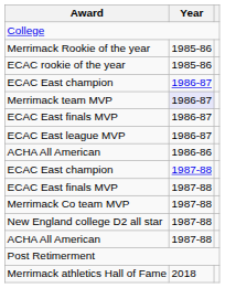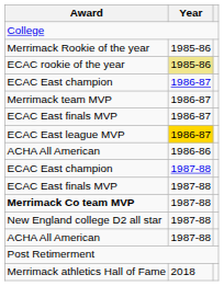 <table class="wikitable">
 <tr>
 <th>Award</th>
 <th>Year</th>
 <th></th>
 </tr>
 <tr>
 <td colspan="3"><a href='#'>College</a></td>
 </tr>
 <tr>
 <td>Merrimack Rookie of the year</td>
 <td>1985-86</td>
 <td></td>
 </tr>
 <tr>
 <td>ECAC rookie of the year</td>
-<td>1985-86</td>
+<td style="background: khaki;">1985-86</td>
 <td></td>
 </tr>
 <tr>
 <td>ECAC East champion</td>
 <td><a href='#'>1986-87</a></td>
 <td></td>
 </tr>
 <tr>
 <td>Merrimack team MVP</td>
-<td style="background: lavender;">1986-87</td>
+<td>1986-87</td>
 <td></td>
 </tr>
 <tr>
 <td>ECAC East finals MVP</td>
 <td>1986-87</td>
 <td></td>
 </tr>
 <tr>
 <td>ECAC East league MVP</td>
-<td>1986-87</td>
+<td style="background: gold;">1986-87</td>
 <td></td>
 </tr>
 <tr>
 <td>ACHA All American</td>
 <td>1986-86</td>
 <td></td>
 </tr>
 <tr>
 <td>ECAC East champion</td>
 <td><a href='#'>1987-88</a></td>
 <td></td>
 </tr>
 <tr>
 <td>ECAC East finals MVP</td>
 <td>1987-88</td>
 <td></td>
 </tr>
 <tr>
-<td>Merrimack Co team MVP</td>
+<td><strong>Merrimack Co team MVP</strong></td>
 <td>1987-88</td>
 <td></td>
 </tr>
 <tr>
 <td>New England college D2 all star</td>
 <td>1987-88</td>
 <td></td>
 </tr>
 <tr>
 <td>ACHA All American</td>
 <td>1987-88</td>
 <td></td>
 </tr>
 <tr>
 <td colspan="3">Post Retimerment</td>
 </tr>
 <tr>
 <td>Merrimack athletics Hall of Fame</td>
 <td>2018</td>
 <td></td>
 </tr>
 </table>
